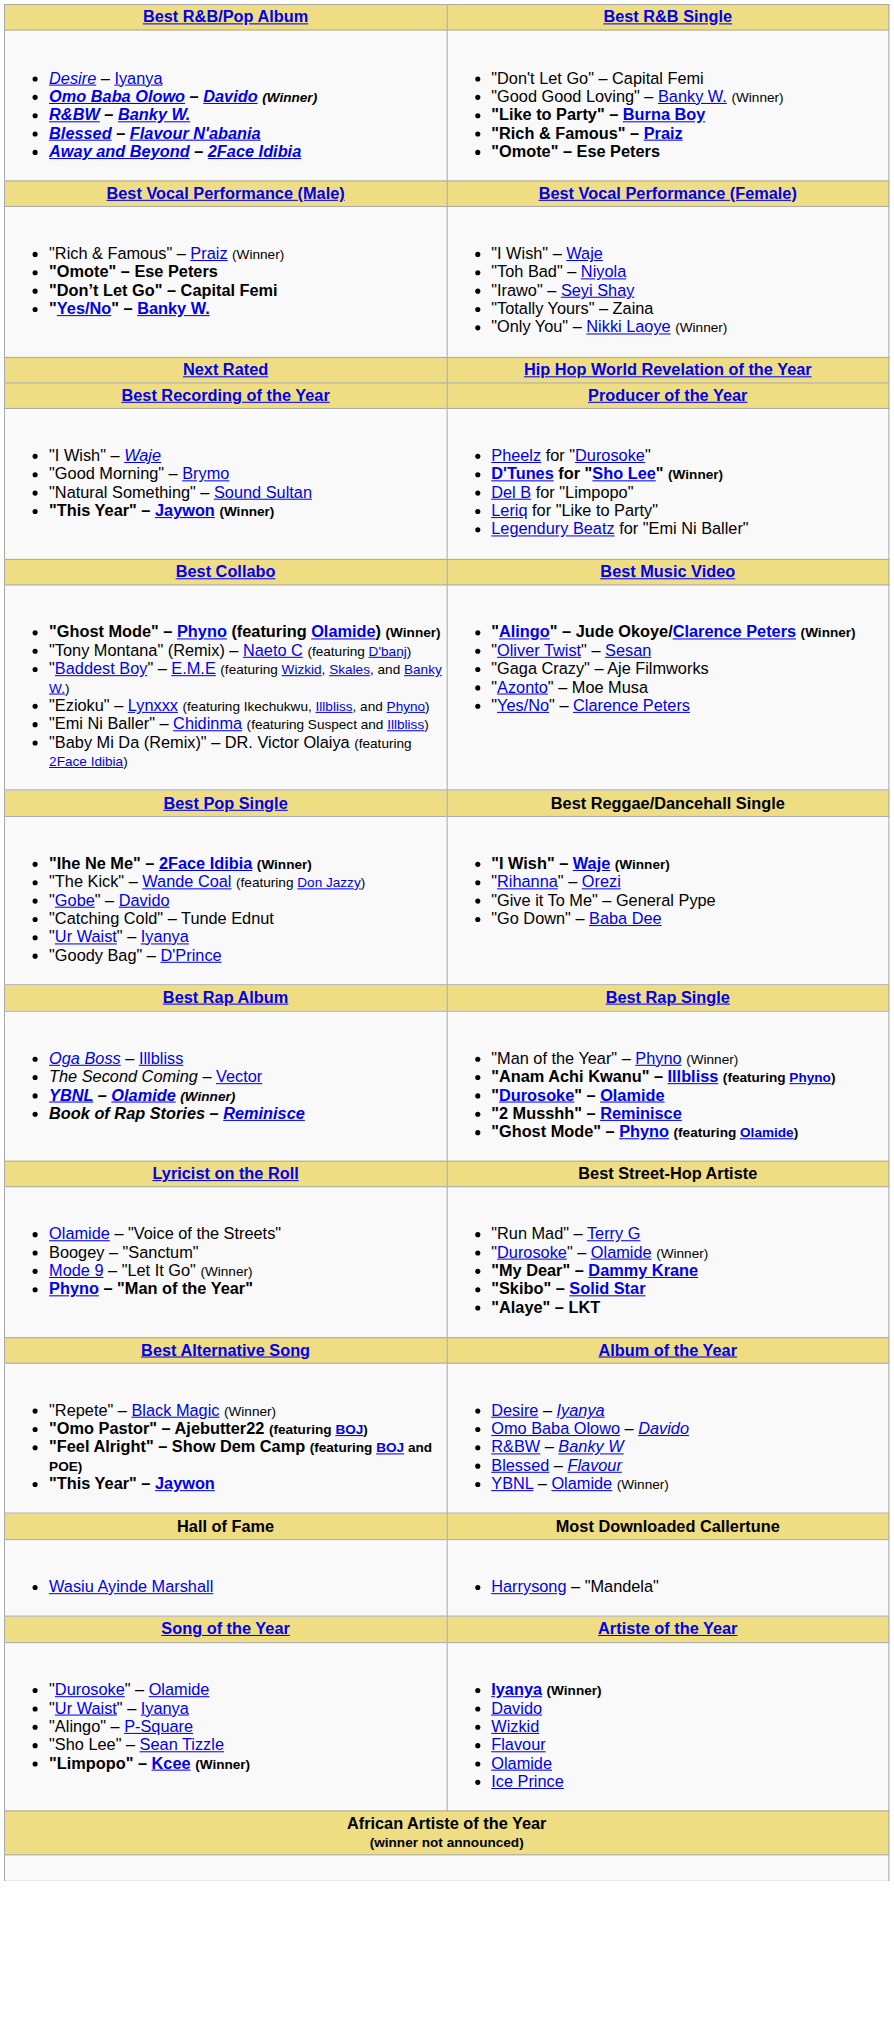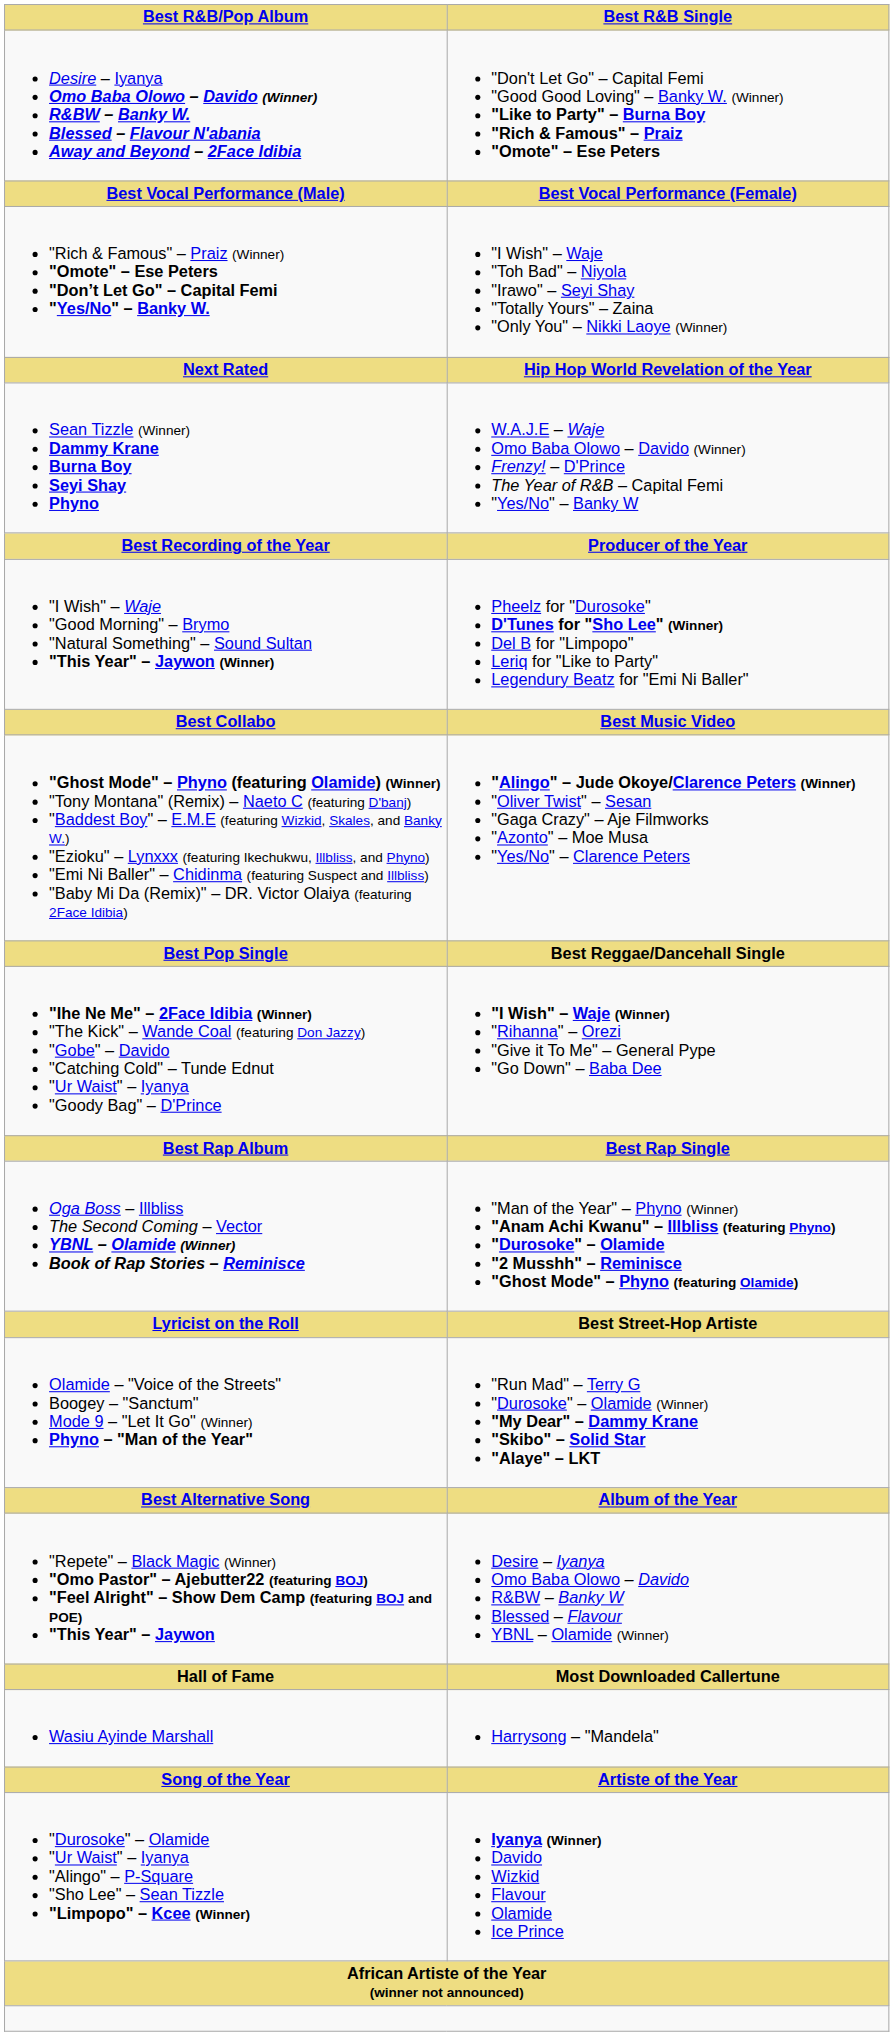 <table class="wikitable">
 <tr>
 <th style="background:#EEDD82; width:50%"><a href='#'>Best R&B/Pop Album</a></th>
 <th style="background:#EEDD82; width:50%"><a href='#'>Best R&B Single</a></th>
 </tr>
 <tr>
 <td valign="top"><br><ul><li><em><a href='#'>Desire</a></em> – <a href='#'>Iyanya</a></li><li><strong><em><a href='#'>Omo Baba Olowo</a><em> – <a href='#'>Davido</a> <small>(Winner)</small><strong></li><li></em><a href='#'>R&BW</a><em> – <a href='#'>Banky W.</a></li><li></em><a href='#'>Blessed</a><em> – <a href='#'>Flavour N'abania</a></li><li></em><a href='#'>Away and Beyond</a><em> – <a href='#'>2Face Idibia</a></li></ul></td>
 <td valign="top"><br><ul><li>"Don't Let Go" – Capital Femi</li><li></strong>"Good Good Loving" – <a href='#'>Banky W.</a> <small>(Winner)</small><strong></li><li>"Like to Party" – <a href='#'>Burna Boy</a></li><li>"Rich & Famous" – <a href='#'>Praiz</a></li><li>"Omote" – Ese Peters</li></ul></td>
 </tr>
 <tr>
 <th style="background:#EEDD82; width:50%"><a href='#'>Best Vocal Performance (Male)</a></th>
 <th style="background:#EEDD82; width:50%"><a href='#'>Best Vocal Performance (Female)</a></th>
 </tr>
 <tr>
 <td valign="top"><br><ul><li></strong>"Rich & Famous" – <a href='#'>Praiz</a> <small>(Winner)</small><strong></li><li>"Omote" – Ese Peters</li><li>"Don’t Let Go" – Capital Femi</li><li>"<a href='#'>Yes/No</a>" – <a href='#'>Banky W.</a></li></ul></td>
 <td valign="top"><br><ul><li>"I Wish" – <a href='#'>Waje</a></li><li>"Toh Bad" – <a href='#'>Niyola</a></li><li>"Irawo" – <a href='#'>Seyi Shay</a></li><li>"Totally Yours" – Zaina</li><li></strong>"Only You" – <a href='#'>Nikki Laoye</a> <small>(Winner)</small><strong></li></ul></td>
 </tr>
 <tr>
 <th style="background:#EEDD82; width:50%"><a href='#'>Next Rated</a></th>
 <th style="background:#EEDD82; width:50%"><a href='#'>Hip Hop World Revelation of the Year</a></th>
+</tr>
+<tr>
+<td valign="top"><br><ul><li></strong><a href='#'>Sean Tizzle</a> <small>(Winner)</small><strong></li><li><a href='#'>Dammy Krane</a></li><li><a href='#'>Burna Boy</a></li><li><a href='#'>Seyi Shay</a></li><li><a href='#'>Phyno</a></li></ul></td>
+<td valign="top"><br><ul><li></em><a href='#'>W.A.J.E</a><em> – <a href='#'>Waje</a></li><li></em></strong><a href='#'>Omo Baba Olowo</a></em> – <a href='#'>Davido</a> <small>(Winner)</small></strong></li><li><em><a href='#'>Frenzy!</a></em> – <a href='#'>D'Prince</a></li><li><em>The Year of R&B</em> – Capital Femi</li><li>"<a href='#'>Yes/No</a>" – <a href='#'>Banky W</a></li></ul></td>
 </tr>
 <tr>
 <th style="background:#EEDD82; width:50%"><a href='#'>Best Recording of the Year</a></th>
 <th style="background:#EEDD82; width:50%"><a href='#'>Producer of the Year</a></th>
 </tr>
 <tr>
 <td valign="top"><br><ul><li>"I Wish" – <em><a href='#'>Waje</a></em></li><li>"Good Morning" – <a href='#'>Brymo</a></li><li>"Natural Something" – <a href='#'>Sound Sultan</a></li><li><strong>"This Year" – <a href='#'>Jaywon</a> <small>(Winner)</small></strong></li></ul></td>
 <td valign="top"><br><ul><li><a href='#'>Pheelz</a> for "<a href='#'>Durosoke</a>"</li><li><strong><a href='#'>D'Tunes</a> for "<a href='#'>Sho Lee</a>" <small>(Winner)</small></strong></li><li><a href='#'>Del B</a>  for "Limpopo"</li><li><a href='#'>Leriq</a> for "Like to Party"</li><li><a href='#'>Legendury Beatz</a> for "Emi Ni Baller"</li></ul></td>
 </tr>
 <tr>
 <th style="background:#EEDD82; width:50%"><a href='#'>Best Collabo</a></th>
 <th style="background:#EEDD82; width:50%"><a href='#'>Best Music Video</a></th>
 </tr>
 <tr>
 <td valign="top"><br><ul><li><strong>"Ghost Mode" – <a href='#'>Phyno</a> (featuring <a href='#'>Olamide</a>) <small>(Winner)</small></strong></li><li>"Tony Montana" (Remix) – <a href='#'>Naeto C</a> <small>(featuring <a href='#'>D'banj</a>)</small></li><li>"<a href='#'>Baddest Boy</a>" – <a href='#'>E.M.E</a> <small>(featuring <a href='#'>Wizkid</a>, <a href='#'>Skales</a>, and <a href='#'>Banky W.</a>)</small></li><li>"Ezioku" – <a href='#'>Lynxxx</a> <small>(featuring Ikechukwu, <a href='#'>Illbliss</a>, and <a href='#'>Phyno</a>)</small></li><li>"Emi Ni Baller" – <a href='#'>Chidinma</a> <small>(featuring Suspect and <a href='#'>Illbliss</a>)</small></li><li>"Baby Mi Da (Remix)" – DR. Victor Olaiya <small>(featuring <a href='#'>2Face Idibia</a>)</small></li></ul></td>
 <td valign="top"><br><ul><li><strong>"<a href='#'>Alingo</a>" – Jude Okoye/<a href='#'>Clarence Peters</a> <small>(Winner)</small></strong></li><li>"<a href='#'>Oliver Twist</a>" – <a href='#'>Sesan</a></li><li>"Gaga Crazy" – Aje Filmworks</li><li>"<a href='#'>Azonto</a>" – Moe Musa</li><li>"<a href='#'>Yes/No</a>" – <a href='#'>Clarence Peters</a></li></ul></td>
 </tr>
 <tr>
 <th style="background:#EEDD82; width:50%"><a href='#'>Best Pop Single</a></th>
 <th style="background:#EEDD82; width:50%">Best Reggae/Dancehall Single</th>
 </tr>
 <tr>
 <td valign="top"><br><ul><li><strong>"Ihe Ne Me" – <a href='#'>2Face Idibia</a> <small>(Winner)</small></strong></li><li>"The Kick" – <a href='#'>Wande Coal</a> <small>(featuring <a href='#'>Don Jazzy</a>)</small></li><li>"<a href='#'>Gobe</a>" – <a href='#'>Davido</a></li><li>"Catching Cold" – Tunde Ednut</li><li>"<a href='#'>Ur Waist</a>" – <a href='#'>Iyanya</a></li><li>"Goody Bag" – <a href='#'>D'Prince</a></li></ul></td>
 <td valign="top"><br><ul><li><strong>"I Wish" – <a href='#'>Waje</a> <small>(Winner)</small></strong></li><li>"<a href='#'>Rihanna</a>" – <a href='#'>Orezi</a></li><li>"Give it To Me" – General Pype</li><li>"Go Down" – <a href='#'>Baba Dee</a></li></ul></td>
 </tr>
 <tr>
 <th style="background:#EEDD82; width:50%"><a href='#'>Best Rap Album</a></th>
 <th style="background:#EEDD82; width:50%"><a href='#'>Best Rap Single</a></th>
 </tr>
 <tr>
 <td valign="top"><br><ul><li><em><a href='#'>Oga Boss</a></em> – <a href='#'>Illbliss</a></li><li><em>The Second Coming</em> – <a href='#'>Vector</a></li><li><strong><em><a href='#'>YBNL</a><em> – <a href='#'>Olamide</a> <small>(Winner)</small><strong></li><li></em>Book of Rap Stories<em> – <a href='#'>Reminisce</a></li></ul></td>
 <td valign="top"><br><ul><li></strong>"Man of the Year" – <a href='#'>Phyno</a> <small>(Winner)</small><strong></li><li>"Anam Achi Kwanu" – <a href='#'>Illbliss</a> <small>(featuring <a href='#'>Phyno</a>)</small></li><li>"<a href='#'>Durosoke</a>" –  <a href='#'>Olamide</a></li><li>"2 Musshh" – <a href='#'>Reminisce</a></li><li>"Ghost Mode" – <a href='#'>Phyno</a> <small>(featuring <a href='#'>Olamide</a>)</small></li></ul></td>
 </tr>
 <tr>
 <th style="background:#EEDD82; width:50%"><a href='#'>Lyricist on the Roll</a></th>
 <th style="background:#EEDD82; width:50%">Best Street-Hop Artiste</th>
 </tr>
 <tr>
 <td valign="top"><br><ul><li><a href='#'>Olamide</a> – "Voice of the Streets"</li><li>Boogey – "Sanctum"</li><li></strong><a href='#'>Mode 9</a> – "Let It Go" <small>(Winner)</small><strong></li><li><a href='#'>Phyno</a> – "Man of the Year"</li></ul></td>
 <td valign="top"><br><ul><li>"Run Mad" – <a href='#'>Terry G</a></li><li></strong>"<a href='#'>Durosoke</a>" – <a href='#'>Olamide</a> <small>(Winner)</small><strong></li><li>"My Dear" – <a href='#'>Dammy Krane</a></li><li>"Skibo" – <a href='#'>Solid Star</a></li><li>"Alaye" – LKT</li></ul></td>
 </tr>
 <tr>
 <th style="background:#EEDD82; width:50%"><a href='#'>Best Alternative Song</a></th>
 <th style="background:#EEDD82; width:50%"><a href='#'>Album of the Year</a></th>
 </tr>
 <tr>
 <td valign="top"><br><ul><li></strong>"Repete" – <a href='#'>Black Magic</a> <small>(Winner)</small><strong></li><li>"Omo Pastor" – Ajebutter22 <small>(featuring <a href='#'>BOJ</a>)</small></li><li>"Feel Alright" – Show Dem Camp <small>(featuring <a href='#'>BOJ</a> and POE)</small></li><li>"This Year" – <a href='#'>Jaywon</a></li></ul></td>
 <td valign="top"><br><ul><li></em><a href='#'>Desire</a><em> – <a href='#'>Iyanya</a></li><li></em><a href='#'>Omo Baba Olowo</a><em> – <a href='#'>Davido</a></li><li></em><a href='#'>R&BW</a><em> – <a href='#'>Banky W</a></li><li></em><a href='#'>Blessed</a><em> – <a href='#'>Flavour</a></li><li></em></strong><a href='#'>YBNL</a></em> – <a href='#'>Olamide</a> <small>(Winner)</small></strong></li></ul></td>
 </tr>
 <tr>
 <th style="background:#EEDD82; width:50%">Hall of Fame</th>
 <th style="background:#EEDD82; width:50%">Most Downloaded Callertune</th>
 </tr>
 <tr>
 <td valign="top"><br><ul><li><a href='#'>Wasiu Ayinde Marshall</a></li></ul></td>
 <td valign="top"><br><ul><li><a href='#'>Harrysong</a> – "Mandela"</li></ul></td>
 </tr>
 <tr>
 <th style="background:#EEDD82; width:50%"><a href='#'>Song of the Year</a></th>
 <th style="background:#EEDD82; width:50%"><a href='#'>Artiste of the Year</a></th>
 </tr>
 <tr>
 <td valign="top"><br><ul><li>"<a href='#'>Durosoke</a>" – <a href='#'>Olamide</a></li><li>"<a href='#'>Ur Waist</a>" – <a href='#'>Iyanya</a></li><li>"Alingo" – <a href='#'>P-Square</a></li><li>"Sho Lee" – <a href='#'>Sean Tizzle</a></li><li><strong>"Limpopo" – <a href='#'>Kcee</a> <small>(Winner)</small></strong></li></ul></td>
 <td valign="top"><br><ul><li><strong><a href='#'>Iyanya</a> <small>(Winner)</small></strong></li><li><a href='#'>Davido</a></li><li><a href='#'>Wizkid</a></li><li><a href='#'>Flavour</a></li><li><a href='#'>Olamide</a></li><li><a href='#'>Ice Prince</a></li></ul></td>
 </tr>
 <tr>
 <th colspan="2" style="background:#EEDD82; width:50%">African Artiste of the Year <br><small>(winner not announced)</small></th>
 </tr>
 <tr>
 <td colspan="2" valign="center"><br>    </td>
 </tr>
 </table>
